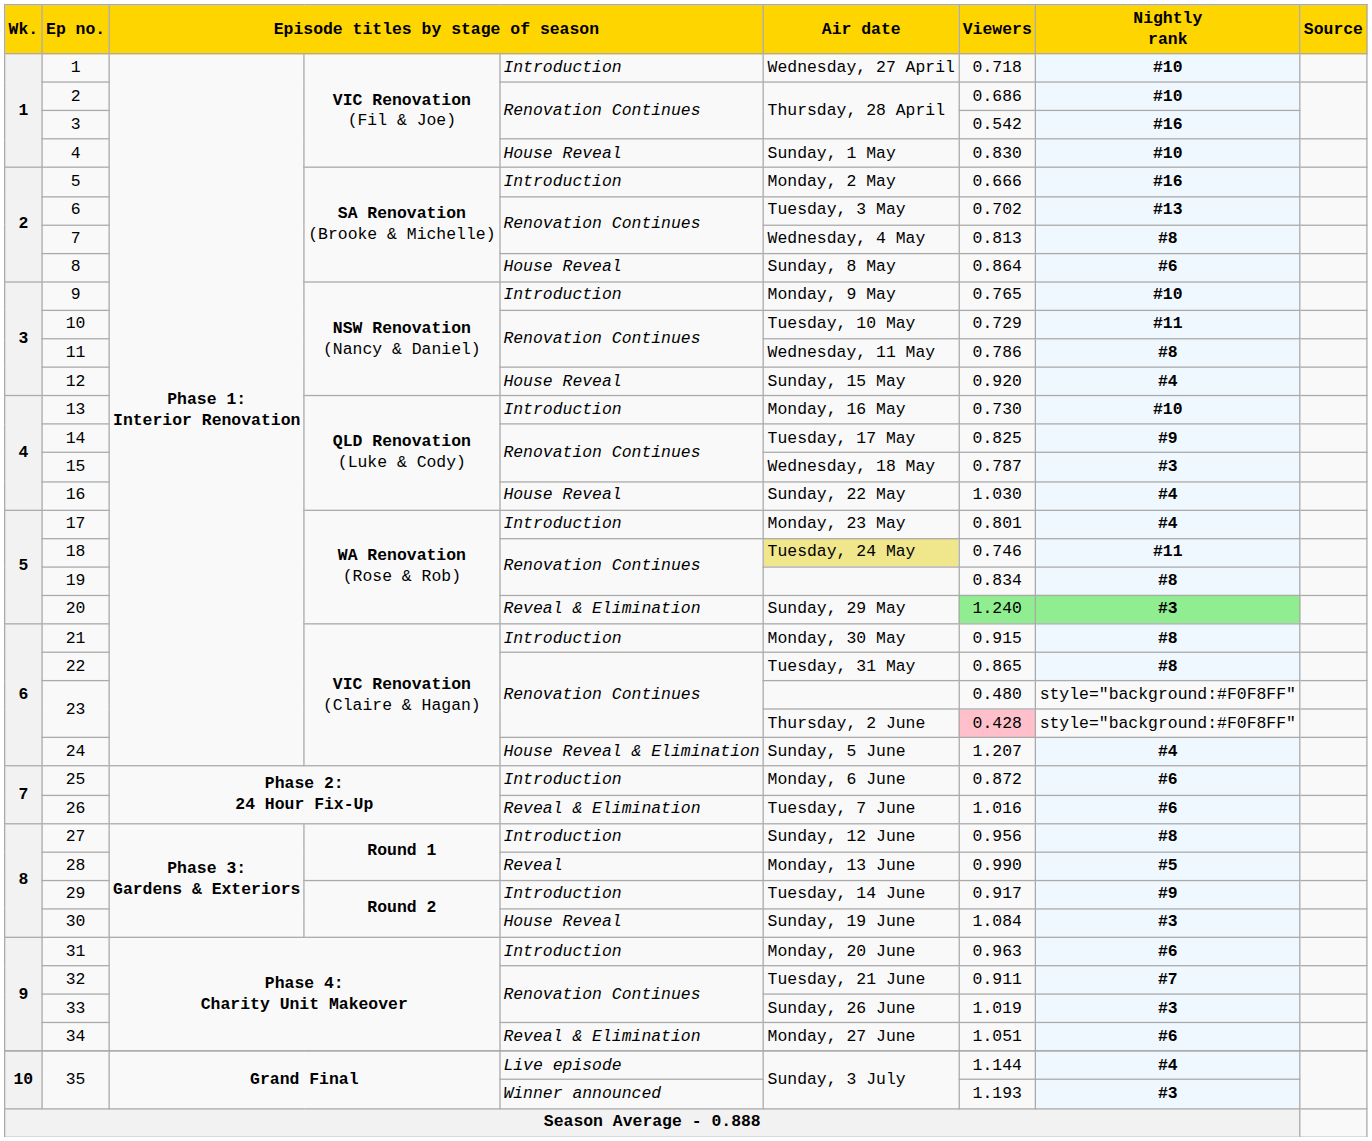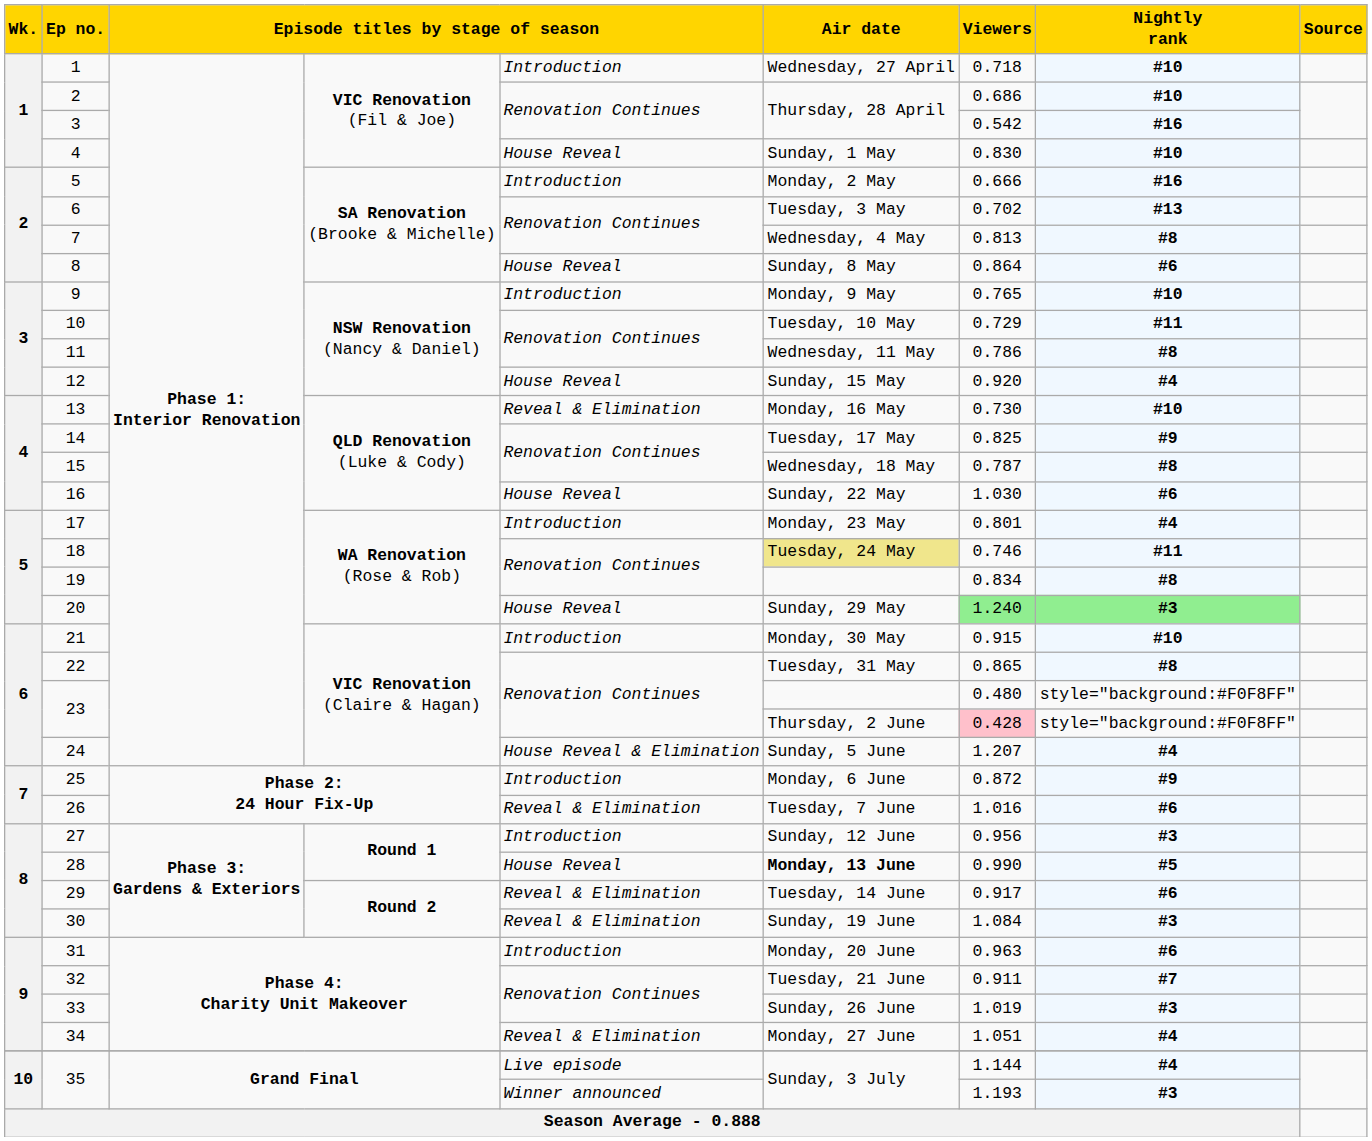 <table class="wikitable" style="text-align:center; font-size:98%; line-height:16px;">
 <tr>
 <th scope="col" style="background:#FFD500; color:black;">Wk.</th>
 <th scope="col" style="background:#FFD500; color:black;">Ep no.</th>
 <th scope="col" style="background:#FFD500; color:black;"  colspan="3">Episode titles by stage of season</th>
 <th scope="col" style="background:#FFD500; color:black;">Air date</th>
 <th scope="col" style="background:#FFD500; color:black;">Viewers<br><small></small></th>
 <th scope="col" style="background:#FFD500; color:black;">Nightly<br>rank</th>
 <th scope="col" style="background:#FFD500; color:black;">Source</th>
 </tr>
 <tr>
 <th rowspan="4">1</th>
 <td>1</td>
 <td rowspan="25"><strong>Phase 1:<br>Interior Renovation</strong></td>
 <td rowspan="4"><strong>VIC Renovation</strong><br>(Fil & Joe)</td>
 <td style="text-align:left"><em>Introduction</em></td>
 <td style="text-align:left">Wednesday, 27 April</td>
 <td>0.718</td>
 <td style="background:#F0F8FF"><strong>#10</strong></td>
 <td></td>
 </tr>
 <tr>
 <td>2</td>
 <td rowspan="2" style="text-align:left"><em>Renovation Continues</em></td>
 <td rowspan="2" style="text-align:left">Thursday, 28 April</td>
 <td>0.686</td>
 <td style="background:#F0F8FF"><strong>#10</strong></td>
 <td rowspan="2"></td>
 </tr>
 <tr>
 <td>3</td>
 <td>0.542</td>
 <td style="background:#F0F8FF"><strong>#16</strong></td>
 </tr>
 <tr>
 <td>4</td>
 <td style="text-align:left"><em>House Reveal</em></td>
 <td style="text-align:left">Sunday, 1 May</td>
 <td>0.830</td>
 <td style="background:#F0F8FF"><strong>#10</strong></td>
 <td></td>
 </tr>
 <tr>
 <th rowspan="4">2</th>
 <td>5</td>
 <td rowspan="4"><strong>SA Renovation</strong><br>(Brooke & Michelle)</td>
 <td style="text-align:left"><em>Introduction</em></td>
 <td style="text-align:left">Monday, 2 May</td>
 <td>0.666</td>
 <td style="background:#F0F8FF"><strong>#16</strong></td>
 <td></td>
 </tr>
 <tr>
 <td>6</td>
 <td rowspan="2" style="text-align:left"><em>Renovation Continues</em></td>
 <td style="text-align:left">Tuesday, 3 May</td>
 <td>0.702</td>
 <td style="background:#F0F8FF"><strong>#13</strong></td>
 <td></td>
 </tr>
 <tr>
 <td>7</td>
 <td style="text-align:left">Wednesday, 4 May</td>
 <td>0.813</td>
 <td style="background:#F0F8FF"><strong>#8</strong></td>
 <td></td>
 </tr>
 <tr>
 <td>8</td>
 <td style="text-align:left"><em>House Reveal</em></td>
 <td style="text-align:left">Sunday, 8 May</td>
 <td>0.864</td>
 <td style="background:#F0F8FF"><strong>#6</strong></td>
 <td></td>
 </tr>
 <tr>
 <th rowspan="4">3</th>
 <td>9</td>
 <td rowspan="4"><strong>NSW Renovation</strong><br>(Nancy & Daniel)</td>
 <td style="text-align:left"><em>Introduction</em></td>
 <td style="text-align:left">Monday, 9 May</td>
 <td>0.765</td>
 <td style="background:#F0F8FF"><strong>#10</strong></td>
 <td></td>
 </tr>
 <tr>
 <td>10</td>
 <td rowspan="2" style="text-align:left"><em>Renovation Continues</em></td>
 <td style="text-align:left">Tuesday, 10 May</td>
 <td>0.729</td>
 <td style="background:#F0F8FF"><strong>#11</strong></td>
 <td></td>
 </tr>
 <tr>
 <td>11</td>
 <td style="text-align:left">Wednesday, 11 May</td>
 <td>0.786</td>
 <td style="background:#F0F8FF"><strong>#8</strong></td>
 <td></td>
 </tr>
 <tr>
 <td>12</td>
 <td style="text-align:left"><em>House Reveal</em></td>
 <td style="text-align:left">Sunday, 15 May</td>
 <td>0.920</td>
 <td style="background:#F0F8FF"><strong>#4</strong></td>
 <td></td>
 </tr>
 <tr>
 <th rowspan="4">4</th>
 <td>13</td>
 <td rowspan="4"><strong>QLD Renovation</strong><br>(Luke & Cody)</td>
-<td style="text-align:left"><em>Introduction</em></td>
+<td style="text-align:left"><em>Reveal & Elimination</em></td>
 <td style="text-align:left">Monday, 16 May</td>
 <td>0.730</td>
 <td style="background:#F0F8FF"><strong>#10</strong></td>
 <td></td>
 </tr>
 <tr>
 <td>14</td>
 <td rowspan="2" style="text-align:left"><em>Renovation Continues</em></td>
 <td style="text-align:left">Tuesday, 17 May</td>
 <td>0.825</td>
 <td style="background:#F0F8FF"><strong>#9</strong></td>
 <td></td>
 </tr>
 <tr>
 <td>15</td>
 <td style="text-align:left">Wednesday, 18 May</td>
 <td>0.787</td>
-<td style="background:#F0F8FF"><strong>#3</strong></td>
+<td style="background:#F0F8FF"><strong>#8</strong></td>
 <td></td>
 </tr>
 <tr>
 <td>16</td>
 <td style="text-align:left"><em>House Reveal</em></td>
 <td style="text-align:left">Sunday, 22 May</td>
 <td>1.030</td>
-<td style="background:#F0F8FF"><strong>#4</strong></td>
+<td style="background:#F0F8FF"><strong>#6</strong></td>
 <td></td>
 </tr>
 <tr>
 <th rowspan="4">5</th>
 <td>17</td>
 <td rowspan="4"><strong>WA Renovation</strong><br>(Rose & Rob)</td>
 <td style="text-align:left"><em>Introduction</em></td>
 <td style="text-align:left">Monday, 23 May</td>
 <td>0.801</td>
 <td style="background:#F0F8FF"><strong>#4</strong></td>
 <td></td>
 </tr>
 <tr>
 <td>18</td>
 <td rowspan="2" style="text-align:left"><em>Renovation Continues</em></td>
 <td style="background: khaki; text-align:left">Tuesday, 24 May</td>
 <td>0.746</td>
 <td style="background:#F0F8FF"><strong>#11</strong></td>
 <td></td>
 </tr>
 <tr>
 <td>19</td>
 <td style="text-align:left"></td>
 <td>0.834</td>
 <td style="background:#F0F8FF"><strong>#8</strong></td>
 <td></td>
 </tr>
 <tr>
 <td>20</td>
-<td style="text-align:left"><em>Reveal & Elimination</em></td>
+<td style="text-align:left"><em>House Reveal</em></td>
 <td style="text-align:left">Sunday, 29 May</td>
 <td style="background:#90EE90;">1.240</td>
 <td style="background:#90EE90"><strong>#3</strong></td>
 <td></td>
 </tr>
 <tr>
 <th rowspan="5">6</th>
 <td>21</td>
 <td rowspan="5"><strong>VIC Renovation</strong><br>(Claire & Hagan)</td>
 <td style="text-align:left"><em>Introduction</em></td>
 <td style="text-align:left">Monday, 30 May</td>
 <td>0.915</td>
-<td style="background:#F0F8FF"><strong>#8</strong></td>
+<td style="background:#F0F8FF"><strong>#10</strong></td>
 <td></td>
 </tr>
 <tr>
 <td>22</td>
 <td rowspan="3" style="text-align:left"><em>Renovation Continues</em></td>
 <td style="text-align:left">Tuesday, 31 May</td>
 <td>0.865</td>
 <td style="background:#F0F8FF"><strong>#8</strong></td>
 <td></td>
 </tr>
 <tr>
 <td rowspan="2">23</td>
 <td style="text-align:left"></td>
 <td>0.480</td>
 <td>style="background:#F0F8FF" </td>
 <td></td>
 </tr>
 <tr>
 <td style="text-align:left">Thursday, 2 June</td>
 <td style="background:#FFC0CB;">0.428</td>
 <td>style="background:#F0F8FF" </td>
 <td></td>
 </tr>
 <tr>
 <td>24</td>
 <td style="text-align:left"><em>House Reveal & Elimination</em></td>
 <td style="text-align:left">Sunday, 5 June</td>
 <td>1.207</td>
 <td style="background:#F0F8FF"><strong>#4</strong></td>
 <td></td>
 </tr>
 <tr>
 <th rowspan="2">7</th>
 <td>25</td>
 <td colspan=2 rowspan="2"><strong>Phase 2:<br>24 Hour Fix-Up</strong></td>
 <td style="text-align:left"><em>Introduction</em></td>
 <td style="text-align:left">Monday, 6 June</td>
 <td>0.872</td>
-<td style="background:#F0F8FF"><strong>#6</strong></td>
+<td style="background:#F0F8FF"><strong>#9</strong></td>
 <td></td>
 </tr>
 <tr>
 <td>26</td>
 <td style="text-align:left"><em>Reveal & Elimination</em></td>
 <td style="text-align:left">Tuesday, 7 June</td>
 <td>1.016</td>
 <td style="background:#F0F8FF"><strong>#6</strong></td>
 <td></td>
 </tr>
 <tr>
 <th rowspan="4">8</th>
 <td>27</td>
 <td rowspan="4"><strong>Phase 3:<br>Gardens & Exteriors</strong></td>
 <td rowspan=2><strong>Round 1</strong></td>
 <td style="text-align:left"><em>Introduction</em></td>
 <td style="text-align:left">Sunday, 12 June</td>
 <td>0.956</td>
-<td style="background:#F0F8FF"><strong>#8</strong></td>
+<td style="background:#F0F8FF"><strong>#3</strong></td>
 <td></td>
 </tr>
 <tr>
 <td>28</td>
-<td style="text-align:left"><em>Reveal</em></td>
-<td style="text-align:left">Monday, 13 June</td>
+<td style="text-align:left"><em>House Reveal</em></td>
+<td style="text-align:left"><strong>Monday, 13 June</strong></td>
 <td>0.990</td>
 <td style="background:#F0F8FF"><strong>#5</strong></td>
 <td></td>
 </tr>
 <tr>
 <td>29</td>
 <td rowspan=2><strong>Round 2</strong></td>
-<td style="text-align:left"><em>Introduction</em></td>
+<td style="text-align:left"><em>Reveal & Elimination</em></td>
 <td style="text-align:left">Tuesday, 14 June</td>
 <td>0.917</td>
-<td style="background:#F0F8FF"><strong>#9</strong></td>
+<td style="background:#F0F8FF"><strong>#6</strong></td>
 <td></td>
 </tr>
 <tr>
 <td>30</td>
-<td style="text-align:left"><em>House Reveal</em></td>
+<td style="text-align:left"><em>Reveal & Elimination</em></td>
 <td style="text-align:left">Sunday, 19 June</td>
 <td>1.084</td>
 <td style="background:#F0F8FF"><strong>#3</strong></td>
 <td></td>
 </tr>
 <tr>
 <th rowspan="4">9</th>
 <td>31</td>
 <td colspan=2 rowspan="4"><strong>Phase 4:<br>Charity Unit Makeover</strong></td>
 <td style="text-align:left"><em>Introduction</em></td>
 <td style="text-align:left">Monday, 20 June</td>
 <td>0.963</td>
 <td style="background:#F0F8FF"><strong>#6</strong></td>
 <td></td>
 </tr>
 <tr>
 <td>32</td>
 <td rowspan="2" style="text-align:left"><em>Renovation Continues</em></td>
 <td style="text-align:left">Tuesday, 21 June</td>
 <td>0.911</td>
 <td style="background:#F0F8FF"><strong>#7</strong></td>
 <td></td>
 </tr>
 <tr>
 <td>33</td>
 <td style="text-align:left">Sunday, 26 June</td>
 <td>1.019</td>
 <td style="background:#F0F8FF"><strong>#3</strong></td>
 <td></td>
 </tr>
 <tr>
 <td>34</td>
 <td style="text-align:left"><em>Reveal & Elimination</em></td>
 <td style="text-align:left">Monday, 27 June</td>
 <td>1.051</td>
-<td style="background:#F0F8FF"><strong>#6</strong></td>
+<td style="background:#F0F8FF"><strong>#4</strong></td>
 <td></td>
 </tr>
 <tr>
 </tr>
 <tr>
 <th rowspan="2">10</th>
 <td rowspan="2">35</td>
 <td colspan=2 rowspan="2"><strong>Grand Final</strong></td>
 <td style="text-align:left"><em>Live episode</em></td>
 <td style="text-align:left" rowspan="2">Sunday, 3 July</td>
 <td>1.144</td>
 <td style="background:#F0F8FF"><strong>#4</strong></td>
 <td rowspan="2"></td>
 </tr>
 <tr>
 <td style="text-align:left"><em>Winner announced</em></td>
 <td>1.193</td>
 <td style="background:#F0F8FF"><strong>#3</strong></td>
 </tr>
 <tr>
 <th colspan=8>Season Average - 0.888</th>
 </tr>
 </table>
